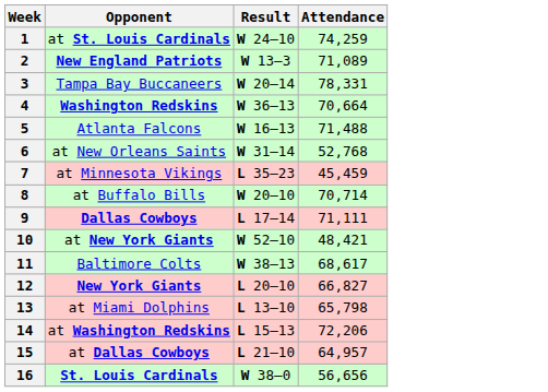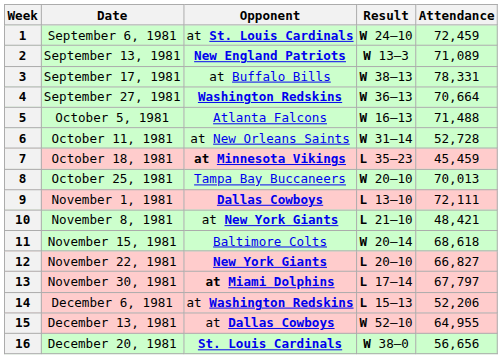 <table class="wikitable" style="text-align:center">
 <tr>
 <th>Week</th>
+<th>Date</th>
 <th>Opponent</th>
 <th>Result</th>
 <th>Attendance</th>
 </tr>
 <tr style="background: #cfc">
 <th>1</th>
+<td>September 6, 1981</td>
 <td>at <strong><a href='#'>St. Louis Cardinals</a></strong></td>
 <td><strong>W</strong> 24–10</td>
-<td>74,259</td>
+<td>72,459</td>
 </tr>
 <tr style="background: #cfc">
 <th>2</th>
+<td>September 13, 1981</td>
 <td><strong><a href='#'>New England Patriots</a></strong></td>
 <td><strong>W</strong> 13–3</td>
 <td>71,089</td>
 </tr>
 <tr style="background: #cfc">
 <th>3</th>
-<td><a href='#'>Tampa Bay Buccaneers</a></td>
-<td><strong>W</strong> 20–14</td>
+<td>September 17, 1981</td>
+<td>at <a href='#'>Buffalo Bills</a></td>
+<td><strong>W</strong> 38–13</td>
 <td>78,331</td>
 </tr>
 <tr style="background: #cfc">
 <th>4</th>
+<td>September 27, 1981</td>
 <td><strong><a href='#'>Washington Redskins</a></strong></td>
 <td><strong>W</strong> 36–13</td>
 <td>70,664</td>
 </tr>
 <tr style="background: #cfc">
 <th>5</th>
+<td>October 5, 1981</td>
 <td><a href='#'>Atlanta Falcons</a></td>
 <td><strong>W</strong> 16–13</td>
 <td>71,488</td>
 </tr>
 <tr style="background: #cfc">
 <th>6</th>
+<td>October 11, 1981</td>
 <td>at <a href='#'>New Orleans Saints</a></td>
 <td><strong>W</strong> 31–14</td>
-<td>52,768</td>
+<td>52,728</td>
 </tr>
 <tr style="background: #fcc">
 <th>7</th>
-<td>at <a href='#'>Minnesota Vikings</a></td>
+<td>October 18, 1981</td>
+<td><strong>at <a href='#'>Minnesota Vikings</a></strong></td>
 <td><strong>L</strong> 35–23</td>
 <td>45,459</td>
 </tr>
 <tr style="background: #cfc">
 <th>8</th>
-<td>at <a href='#'>Buffalo Bills</a></td>
+<td>October 25, 1981</td>
+<td><a href='#'>Tampa Bay Buccaneers</a></td>
 <td><strong>W</strong> 20–10</td>
-<td>70,714</td>
+<td>70,013</td>
 </tr>
 <tr style="background: #fcc">
 <th>9</th>
+<td>November 1, 1981</td>
 <td><strong><a href='#'>Dallas Cowboys</a></strong></td>
-<td><strong>L</strong> 17–14</td>
-<td>71,111</td>
+<td><strong>L</strong> 13–10</td>
+<td>72,111</td>
 </tr>
 <tr style="background: #cfc">
 <th>10</th>
+<td>November 8, 1981</td>
 <td>at <strong><a href='#'>New York Giants</a></strong></td>
-<td><strong>W</strong> 52–10</td>
+<td><strong>L</strong> 21–10</td>
 <td>48,421</td>
 </tr>
 <tr style="background: #cfc">
 <th>11</th>
+<td>November 15, 1981</td>
 <td><a href='#'>Baltimore Colts</a></td>
-<td><strong>W</strong> 38–13</td>
-<td>68,617</td>
+<td><strong>W</strong> 20–14</td>
+<td>68,618</td>
 </tr>
 <tr style="background: #fcc">
 <th>12</th>
+<td>November 22, 1981</td>
 <td><strong><a href='#'>New York Giants</a></strong></td>
 <td><strong>L</strong> 20–10</td>
 <td>66,827</td>
 </tr>
 <tr style="background: #fcc">
 <th>13</th>
-<td>at <a href='#'>Miami Dolphins</a></td>
-<td><strong>L</strong> 13–10</td>
-<td>65,798</td>
+<td>November 30, 1981</td>
+<td><strong>at <a href='#'>Miami Dolphins</a></strong></td>
+<td><strong>L</strong> 17–14</td>
+<td>67,797</td>
 </tr>
 <tr style="background: #fcc">
 <th>14</th>
+<td>December 6, 1981</td>
 <td>at <strong><a href='#'>Washington Redskins</a></strong></td>
 <td><strong>L</strong> 15–13</td>
-<td>72,206</td>
+<td>52,206</td>
 </tr>
 <tr style="background: #fcc">
 <th>15</th>
+<td>December 13, 1981</td>
 <td>at <strong><a href='#'>Dallas Cowboys</a></strong></td>
-<td><strong>L</strong> 21–10</td>
-<td>64,957</td>
+<td><strong>W</strong> 52–10</td>
+<td>64,955</td>
 </tr>
 <tr style="background: #cfc">
 <th>16</th>
+<td>December 20, 1981</td>
 <td><strong><a href='#'>St. Louis Cardinals</a></strong></td>
 <td><strong>W</strong> 38–0</td>
 <td>56,656</td>
 </tr>
 </table>
